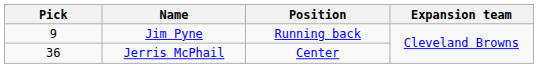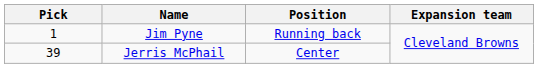 <table class="wikitable" style="text-align:center">
 <tr>
 <th width=100px>Pick</th>
 <th width=150px>Name</th>
 <th width=150px>Position</th>
 <th width=150px>Expansion team</th>
 </tr>
 <tr>
-<td>9</td>
+<td>1</td>
 <td><a href='#'>Jim Pyne</a></td>
 <td><a href='#'>Running back</a></td>
 <td rowspan="2"><a href='#'>Cleveland Browns</a></td>
 </tr>
 <tr>
-<td>36</td>
+<td>39</td>
 <td><a href='#'>Jerris McPhail</a></td>
 <td><a href='#'>Center</a></td>
 </tr>
 </table>
